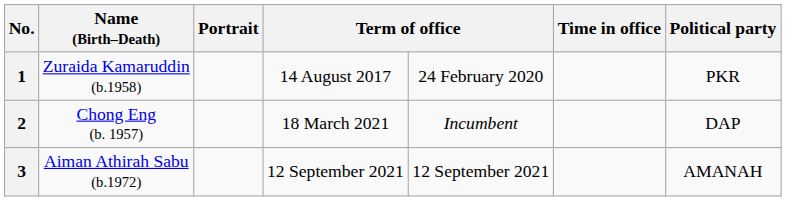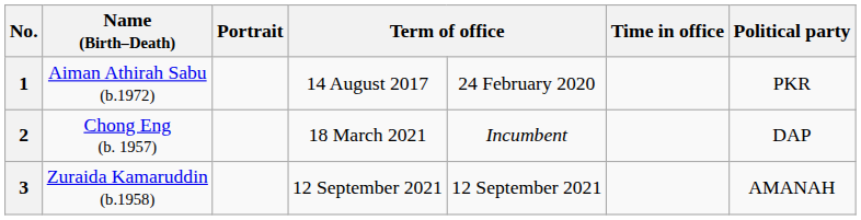 <table class="wikitable" style="text-align:center">
 <tr>
 <th>No.</th>
 <th width="20%">Name<br><small>(Birth–Death)</small></th>
 <th>Portrait</th>
 <th colspan="2">Term of office</th>
 <th>Time in office</th>
 <th>Political party</th>
 </tr>
 <tr>
 <th>1</th>
-<td><a href='#'>Zuraida Kamaruddin</a><br><small>(b.1958)</small></td>
+<td><a href='#'>Aiman Athirah Sabu</a> <br><small>(b.1972)</small></td>
 <td></td>
 <td>14 August 2017</td>
 <td>24 February 2020</td>
 <td></td>
 <td style="background: ">PKR</td>
 </tr>
 <tr>
 <th>2</th>
 <td><a href='#'>Chong Eng</a><br><small>(b. 1957)</small></td>
 <td></td>
 <td>18 March 2021</td>
 <td><em>Incumbent</em></td>
 <td></td>
 <td style="background: ">DAP</td>
 </tr>
 <tr>
 <th>3</th>
-<td><a href='#'>Aiman Athirah Sabu</a> <br><small>(b.1972)</small></td>
+<td><a href='#'>Zuraida Kamaruddin</a><br><small>(b.1958)</small></td>
 <td></td>
 <td>12 September 2021</td>
 <td>12 September 2021</td>
 <td></td>
 <td style="background: ">AMANAH</td>
 </tr>
 </table>
